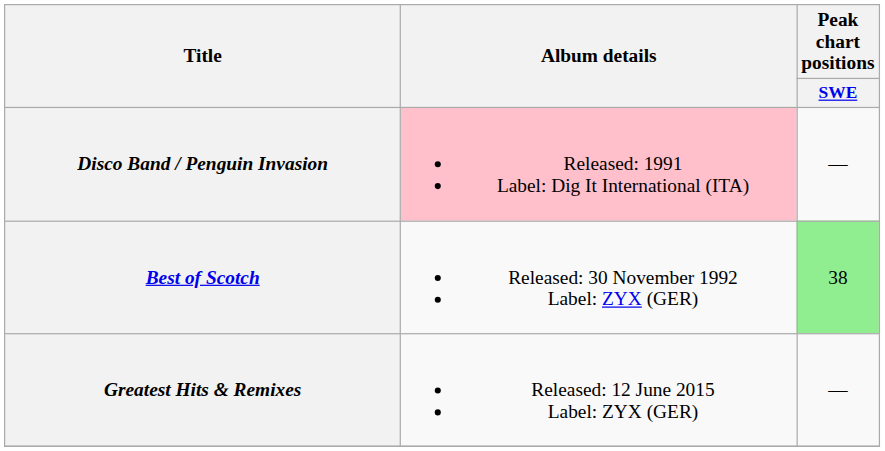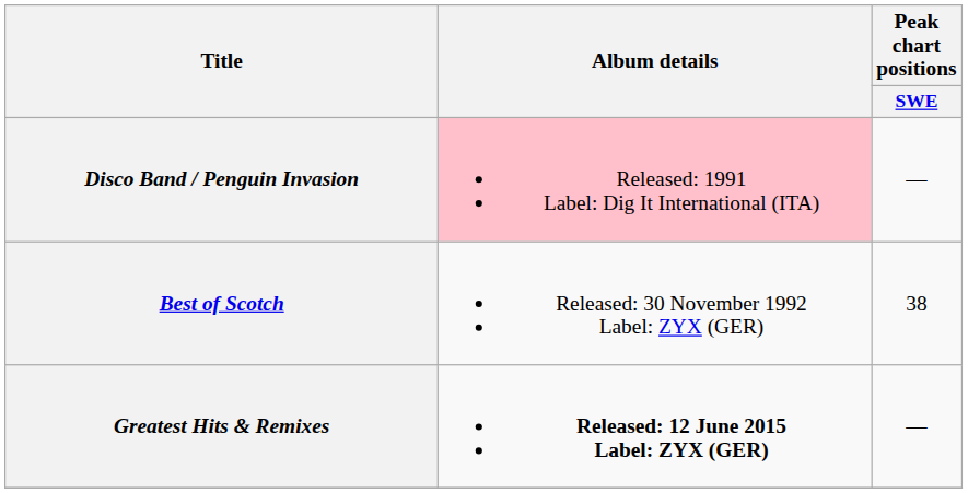 <table class="wikitable plainrowheaders" style="text-align:center;">
 <tr>
 <th rowspan="2" scope="col" style="width:20em;">Title</th>
 <th rowspan="2" scope="col" style="width:20em;">Album details</th>
 <th colspan="7" scope="col">Peak chart positions</th>
 </tr>
 <tr>
 <th scope="col" style="width:2.6em; font-size:90%;"><a href='#'>SWE</a><br></th>
 </tr>
 <tr>
 <th scope="row"><em>Disco Band / Penguin Invasion</em></th>
 <td style="background: pink;"><br><ul><li>Released: 1991</li><li>Label: Dig It International <span>(ITA)</span></li></ul></td>
 <td>—</td>
 </tr>
 <tr>
 <th scope="row"><em><a href='#'>Best of Scotch</a></em></th>
 <td><br><ul><li>Released: 30 November 1992</li><li>Label: <a href='#'>ZYX</a> <span>(GER)</span></li></ul></td>
-<td style="background: lightgreen;">38</td>
+<td>38</td>
 </tr>
 <tr>
 <th scope="row"><em>Greatest Hits & Remixes</em></th>
-<td><br><ul><li>Released: 12 June 2015</li><li>Label: ZYX <span>(GER)</span></li></ul></td>
+<td><strong><br><ul><li>Released: 12 June 2015</li><li>Label: ZYX <span>(GER)</span></li></ul></strong></td>
 <td>—</td>
 </tr>
 <tr>
 </tr>
 </table>
